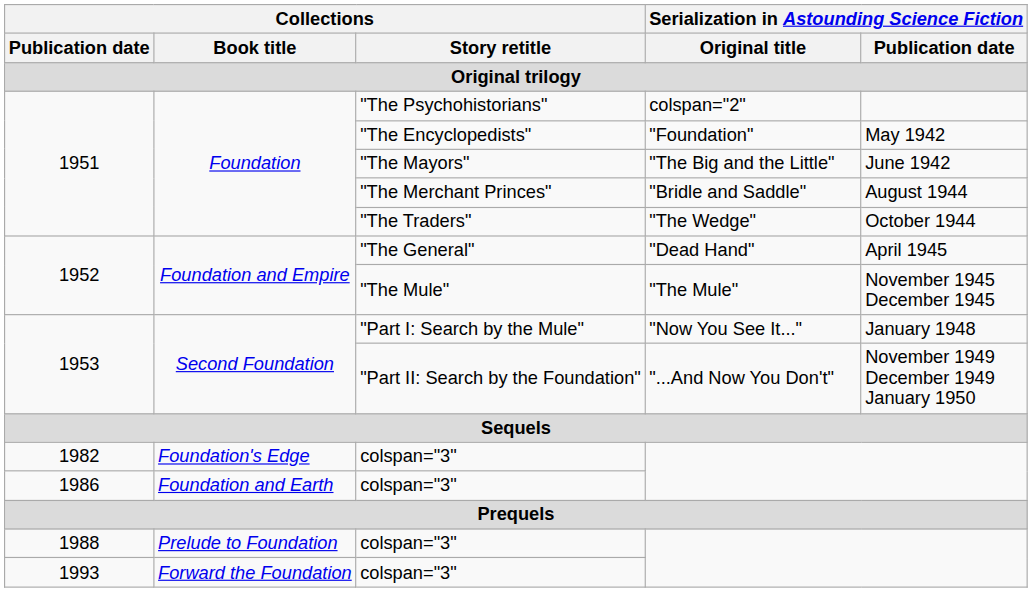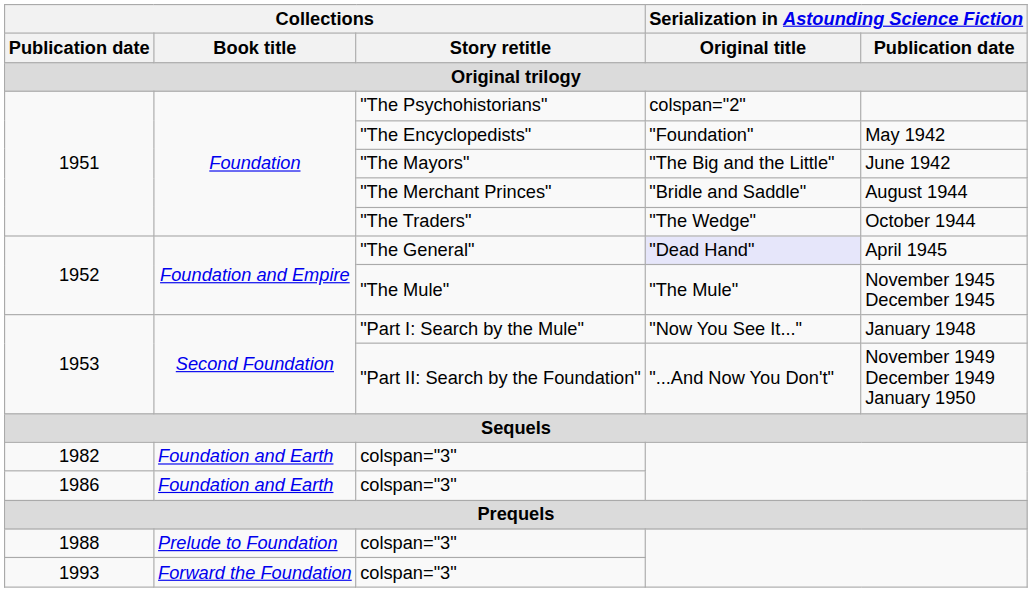 <table class="wikitable plainrowheaders">
 <tr>
 <th colspan="3">Collections</th>
 <th colspan="2">Serialization in <em><a href='#'>Astounding Science Fiction</a></em></th>
 </tr>
 <tr>
 <th>Publication date</th>
 <th>Book title</th>
 <th>Story retitle</th>
 <th>Original title</th>
 <th>Publication date</th>
 </tr>
 <tr>
 <th colspan="5" style="background-color:#DBDBDB; text-align:center;">Original trilogy</th>
 </tr>
 <tr>
 <td rowspan="5" style="text-align:center">1951</td>
 <td rowspan="5" style="text-align:center"><em><a href='#'>Foundation</a></em></td>
 <td>"The Psychohistorians"</td>
 <td>colspan="2" </td>
 </tr>
 <tr>
 <td>"The Encyclopedists"</td>
 <td>"Foundation"</td>
 <td>May 1942</td>
 </tr>
 <tr>
 <td>"The Mayors"</td>
 <td>"The Big and the Little"</td>
 <td>June 1942</td>
 </tr>
 <tr>
 <td>"The Merchant Princes"</td>
 <td>"Bridle and Saddle"</td>
 <td>August 1944</td>
 </tr>
 <tr>
 <td>"The Traders"</td>
 <td>"The Wedge"</td>
 <td>October 1944</td>
 </tr>
 <tr>
 <td rowspan="2" style="text-align:center">1952</td>
 <td rowspan="2" style="text-align:center"><em><a href='#'>Foundation and Empire</a></em></td>
 <td>"The General"</td>
-<td>"Dead Hand"</td>
+<td style="background: lavender;">"Dead Hand"</td>
 <td>April 1945</td>
 </tr>
 <tr>
 <td>"The Mule"</td>
 <td>"The Mule"</td>
 <td>November 1945 <br> December 1945</td>
 </tr>
 <tr>
 <td rowspan="2" style="text-align:center">1953</td>
 <td rowspan="2" style="text-align:center"><em><a href='#'>Second Foundation</a></em></td>
 <td>"Part I: Search by the Mule"</td>
 <td>"Now You See It..."</td>
 <td>January 1948</td>
 </tr>
 <tr>
 <td>"Part II: Search by the Foundation"</td>
 <td>"...And Now You Don't"</td>
 <td>November 1949 <br> December 1949 <br> January 1950</td>
 </tr>
 <tr>
 <th colspan="5" style="background-color:#DBDBDB; text-align:center;">Sequels</th>
 </tr>
 <tr>
 <td style="text-align:center">1982</td>
-<td><em><a href='#'>Foundation's Edge</a></em></td>
+<td><em><a href='#'>Foundation and Earth</a></em></td>
 <td>colspan="3" </td>
 </tr>
 <tr>
 <td style="text-align:center">1986</td>
 <td><em><a href='#'>Foundation and Earth</a></em></td>
 <td>colspan="3" </td>
 </tr>
 <tr>
 <th colspan="5" style="background-color:#DBDBDB; text-align:center;">Prequels</th>
 </tr>
 <tr>
 <td style="text-align:center">1988</td>
 <td><em><a href='#'>Prelude to Foundation</a></em></td>
 <td>colspan="3" </td>
 </tr>
 <tr>
 <td style="text-align:center">1993</td>
 <td><em><a href='#'>Forward the Foundation</a></em></td>
 <td>colspan="3" </td>
 </tr>
 </table>
